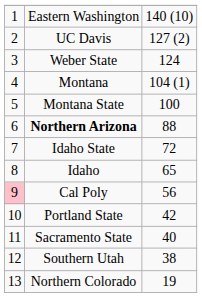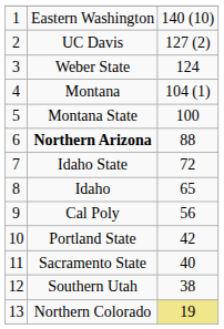 <table class="wikitable" style="display: inline-table;">
 <tr align="center">
 </tr>
 <tr align="center">
 <td>1</td>
 <td>Eastern Washington</td>
 <td>140 (10)</td>
 </tr>
 <tr align="center">
 <td>2</td>
 <td>UC Davis</td>
 <td>127 (2)</td>
 </tr>
 <tr align="center">
 <td>3</td>
 <td>Weber State</td>
 <td>124</td>
 </tr>
 <tr align="center">
 <td>4</td>
 <td>Montana</td>
 <td>104 (1)</td>
 </tr>
 <tr align="center">
 <td>5</td>
 <td>Montana State</td>
 <td>100</td>
 </tr>
 <tr align="center">
 <td>6</td>
 <td><strong>Northern Arizona</strong></td>
 <td>88</td>
 </tr>
 <tr align="center">
 <td>7</td>
 <td>Idaho State</td>
 <td>72</td>
 </tr>
 <tr align="center">
 <td>8</td>
 <td>Idaho</td>
 <td>65</td>
 </tr>
 <tr align="center">
-<td style="background: pink;">9</td>
+<td>9</td>
 <td>Cal Poly</td>
 <td>56</td>
 </tr>
 <tr align="center">
 <td>10</td>
 <td>Portland State</td>
 <td>42</td>
 </tr>
 <tr align="center">
 <td>11</td>
 <td>Sacramento State</td>
 <td>40</td>
 </tr>
 <tr align="center">
 <td>12</td>
 <td>Southern Utah</td>
 <td>38</td>
 </tr>
 <tr align="center">
 <td>13</td>
 <td>Northern Colorado</td>
-<td>19</td>
+<td style="background: khaki;">19</td>
 </tr>
 </table>
